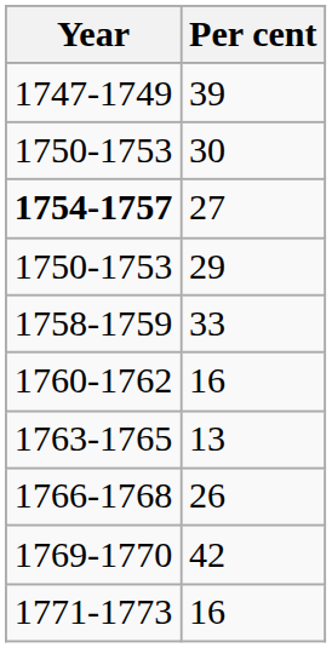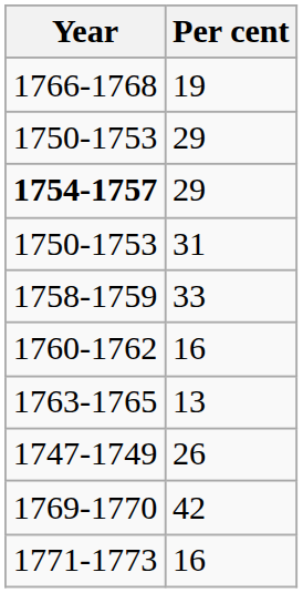 <table class="wikitable">
 <tr>
 <th>Year</th>
 <th>Per cent</th>
 </tr>
 <tr>
-<td>1747-1749</td>
-<td>39</td>
-</tr>
-<tr>
-<td>1750-1753</td>
-<td>30</td>
-</tr>
-<tr>
-<td><strong>1754-1757</strong></td>
-<td>27</td>
+<td>1766-1768</td>
+<td>19</td>
 </tr>
 <tr>
 <td>1750-1753</td>
 <td>29</td>
+</tr>
+<tr>
+<td><strong>1754-1757</strong></td>
+<td>29</td>
+</tr>
+<tr>
+<td>1750-1753</td>
+<td>31</td>
 </tr>
 <tr>
 <td>1758-1759</td>
 <td>33</td>
 </tr>
 <tr>
 <td>1760-1762</td>
 <td>16</td>
 </tr>
 <tr>
 <td>1763-1765</td>
 <td>13</td>
 </tr>
 <tr>
-<td>1766-1768</td>
+<td>1747-1749</td>
 <td>26</td>
 </tr>
 <tr>
 <td>1769-1770</td>
 <td>42</td>
 </tr>
 <tr>
 <td>1771-1773</td>
 <td>16</td>
 </tr>
 </table>
